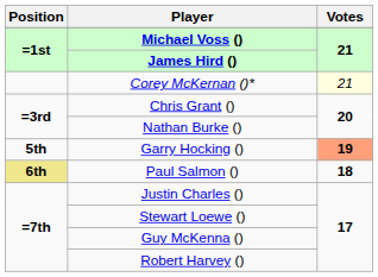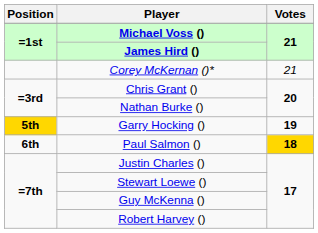 <table class="wikitable" style="text-align: center; font-size: 90%;">
 <tr>
 <th width="50">Position</th>
 <th width="250">Player</th>
 <th width="50">Votes</th>
 </tr>
 <tr>
 </tr>
 <tr style="background:#cfc;">
 <td rowspan=2><strong>=1st</strong></td>
 <td><strong><a href='#'>Michael Voss</a> ()</strong></td>
 <td rowspan=2><strong>21</strong></td>
 </tr>
 <tr style="background:#cfc;">
 <td><strong><a href='#'>James Hird</a> ()</strong></td>
 </tr>
 <tr>
 <td></td>
 <td><em><a href='#'>Corey McKernan</a> ()*</em></td>
-<td style="background: lightyellow;"><em>21</em></td>
+<td><em>21</em></td>
 </tr>
 <tr>
 <td rowspan=2><strong>=3rd</strong></td>
 <td><a href='#'>Chris Grant</a> ()</td>
 <td rowspan=2><strong>20</strong></td>
 </tr>
 <tr>
 <td><a href='#'>Nathan Burke</a> ()</td>
 </tr>
 <tr>
-<td><strong>5th</strong></td>
+<td style="background: gold;"><strong>5th</strong></td>
 <td><a href='#'>Garry Hocking</a> ()</td>
-<td style="background: lightsalmon;"><strong>19</strong></td>
+<td><strong>19</strong></td>
 </tr>
 <tr>
-<td style="background: khaki;"><strong>6th</strong></td>
+<td><strong>6th</strong></td>
 <td><a href='#'>Paul Salmon</a> ()</td>
-<td><strong>18</strong></td>
+<td style="background: gold;"><strong>18</strong></td>
 </tr>
 <tr>
 <td rowspan=4><strong>=7th</strong></td>
 <td><a href='#'>Justin Charles</a> ()</td>
 <td rowspan=4><strong>17</strong></td>
 </tr>
 <tr>
 <td><a href='#'>Stewart Loewe</a> ()</td>
 </tr>
 <tr>
 <td><a href='#'>Guy McKenna</a> ()</td>
 </tr>
 <tr>
 <td><a href='#'>Robert Harvey</a> ()</td>
 </tr>
 </table>
